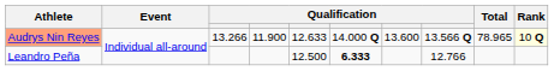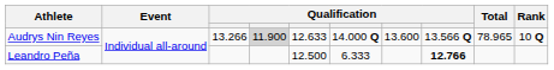 <table class="wikitable" style="font-size:90%">
 <tr>
 <th rowspan=2>Athlete</th>
 <th rowspan=2>Event</th>
 <th colspan=6>Qualification</th>
 <th rowspan=2>Total</th>
 <th rowspan=2>Rank</th>
 </tr>
 <tr style="font-size:95%">
 <th></th>
 <th></th>
 <th></th>
 <th></th>
 <th></th>
 <th></th>
 </tr>
 <tr align=center>
-<td align=left style="background: lightsalmon;"><a href='#'>Audrys Nin Reyes</a></td>
+<td align=left><a href='#'>Audrys Nin Reyes</a></td>
 <td align=left rowspan=2><a href='#'>Individual all-around</a></td>
 <td>13.266</td>
-<td>11.900</td>
+<td style="background: lightgrey;">11.900</td>
 <td>12.633</td>
 <td>14.000 <strong>Q</strong></td>
 <td>13.600</td>
 <td>13.566 <strong>Q</strong></td>
 <td>78.965</td>
-<td style="background: lightyellow;">10  <strong>Q</strong></td>
+<td>10  <strong>Q</strong></td>
 </tr>
 <tr align=center>
 <td align=left><a href='#'>Leandro Peña</a></td>
 <td></td>
 <td></td>
 <td>12.500</td>
-<td><strong>6.333</strong></td>
+<td>6.333</td>
 <td></td>
-<td>12.766</td>
+<td><strong>12.766</strong></td>
 <td></td>
 <td></td>
 </tr>
 </table>
